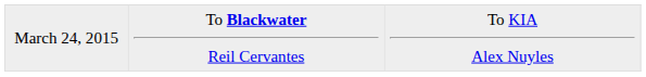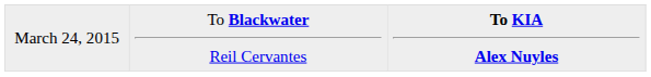 <table border=1 style="border-collapse:collapse; text-align: center; width: 100%" bordercolor="#DFDFDF"  cellpadding="5">
 <tr>
 </tr>
 <tr bgcolor="eeeeee">
 <td style="width:12%">March 24, 2015</td>
 <td style="width:25%" valign="top">To <strong><a href='#'>Blackwater</a></strong><hr><a href='#'>Reil Cervantes</a></td>
-<td style="width:25%" valign="top">To <a href='#'>KIA</a><hr><a href='#'>Alex Nuyles</a></td>
+<td style="width:25%" valign="top"><strong>To <a href='#'>KIA</a><hr><a href='#'>Alex Nuyles</a></strong></td>
 </tr>
 </table>
